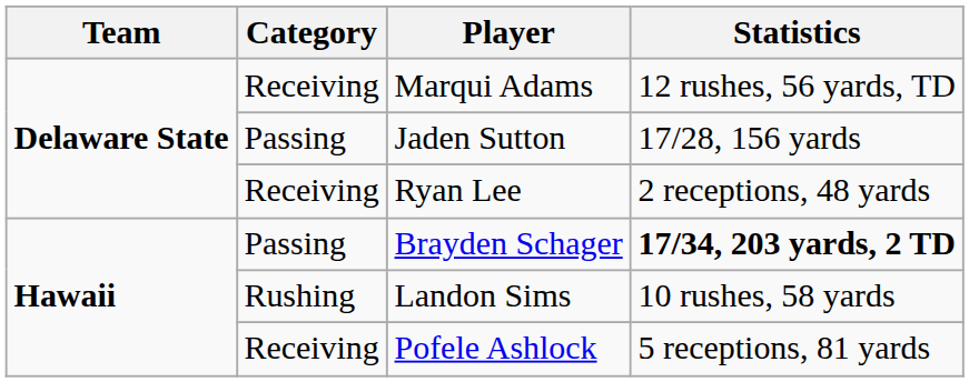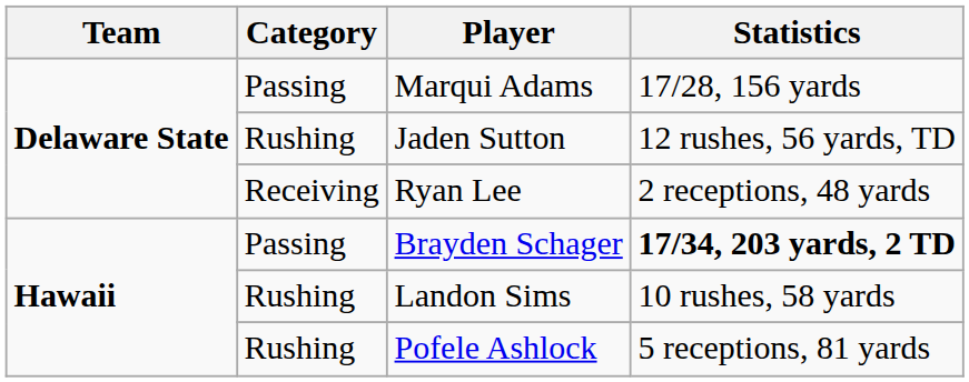 <table class="wikitable" style="float: right;">
 <tr>
 <th>Team</th>
 <th>Category</th>
 <th>Player</th>
 <th>Statistics</th>
 </tr>
 <tr>
 <td rowspan=3><strong>Delaware State</strong></td>
-<td>Receiving</td>
+<td>Passing</td>
 <td>Marqui Adams</td>
-<td>12 rushes, 56 yards, TD</td>
+<td>17/28, 156 yards</td>
 </tr>
 <tr>
-<td>Passing</td>
+<td>Rushing</td>
 <td>Jaden Sutton</td>
-<td>17/28, 156 yards</td>
+<td>12 rushes, 56 yards, TD</td>
 </tr>
 <tr>
 <td>Receiving</td>
 <td>Ryan Lee</td>
 <td>2 receptions, 48 yards</td>
 </tr>
 <tr>
 <td rowspan=3><strong>Hawaii</strong></td>
 <td>Passing</td>
 <td><a href='#'>Brayden Schager</a></td>
 <td><strong>17/34, 203 yards, 2 TD</strong></td>
 </tr>
 <tr>
 <td>Rushing</td>
 <td>Landon Sims</td>
 <td>10 rushes, 58 yards</td>
 </tr>
 <tr>
-<td>Receiving</td>
+<td>Rushing</td>
 <td><a href='#'>Pofele Ashlock</a></td>
 <td>5 receptions, 81 yards</td>
 </tr>
 </table>
